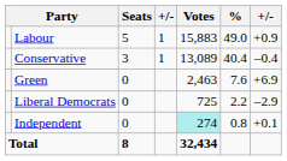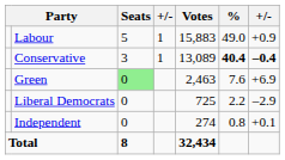 <table class="wikitable sortable">
 <tr>
 <th colspan="2">Party</th>
 <th>Seats</th>
 <th>+/-</th>
 <th>Votes</th>
 <th>%</th>
 <th>+/-</th>
 </tr>
 <tr>
 <td style="background-color: "></td>
 <td><a href='#'>Labour</a></td>
 <td>5</td>
 <td> 1</td>
 <td style="text-align:right;">15,883</td>
 <td style="text-align:right;">49.0</td>
 <td style="text-align:right;">+0.9</td>
 </tr>
 <tr>
 <td style="background-color: "></td>
 <td><a href='#'>Conservative</a></td>
 <td>3</td>
 <td> 1</td>
 <td style="text-align:right;">13,089</td>
-<td style="text-align:right;">40.4</td>
-<td style="text-align:right;">–0.4</td>
+<td style="text-align:right;"><strong>40.4</strong></td>
+<td style="text-align:right;"><strong>–0.4</strong></td>
 </tr>
 <tr>
 <td style="background-color: "></td>
 <td><a href='#'>Green</a></td>
-<td>0</td>
+<td style="background: lightgreen;">0</td>
 <td></td>
 <td style="text-align:right;">2,463</td>
 <td style="text-align:right;">7.6</td>
 <td style="text-align:right;">+6.9</td>
 </tr>
 <tr>
 <td style="background-color: "></td>
 <td><a href='#'>Liberal Democrats</a></td>
 <td>0</td>
 <td></td>
 <td style="text-align:right;">725</td>
 <td style="text-align:right;">2.2</td>
 <td style="text-align:right;">–2.9</td>
 </tr>
 <tr>
 <td style="background-color: "></td>
 <td><a href='#'>Independent</a></td>
 <td>0</td>
 <td></td>
-<td style="background: paleturquoise; text-align:right;">274</td>
+<td style="text-align:right;">274</td>
 <td style="text-align:right;">0.8</td>
 <td style="text-align:right;">+0.1</td>
 </tr>
 <tr>
 <td colspan="2"><strong>Total</strong></td>
 <td><strong>8</strong></td>
 <td></td>
 <td style="text-align:right;"><strong>32,434</strong></td>
 <td style="text-align:right;"></td>
 <td style="text-align:right;"></td>
 </tr>
 </table>
